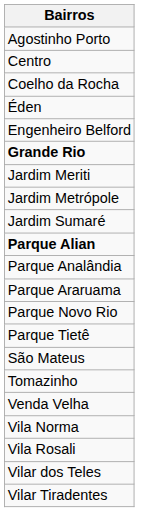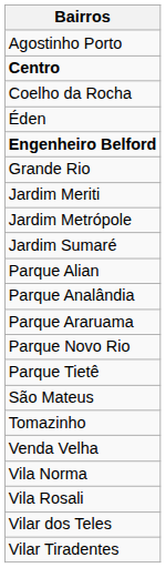 <table class="wikitable">
 <tr>
 <th>Bairros</th>
 </tr>
 <tr>
 <td>Agostinho Porto</td>
 </tr>
 <tr>
-<td>Centro</td>
+<td><strong>Centro</strong></td>
 </tr>
 <tr>
 <td>Coelho da Rocha</td>
 </tr>
 <tr>
 <td>Éden</td>
 </tr>
 <tr>
-<td>Engenheiro Belford</td>
+<td><strong>Engenheiro Belford</strong></td>
 </tr>
 <tr>
-<td><strong>Grande Rio</strong></td>
+<td>Grande Rio</td>
 </tr>
 <tr>
 <td>Jardim Meriti</td>
 </tr>
 <tr>
 <td>Jardim Metrópole</td>
 </tr>
 <tr>
 <td>Jardim Sumaré</td>
 </tr>
 <tr>
-<td><strong>Parque Alian</strong></td>
+<td>Parque Alian</td>
 </tr>
 <tr>
 <td>Parque Analândia</td>
 </tr>
 <tr>
 <td>Parque Araruama</td>
 </tr>
 <tr>
 <td>Parque Novo Rio</td>
 </tr>
 <tr>
 <td>Parque Tietê</td>
 </tr>
 <tr>
 <td>São Mateus</td>
 </tr>
 <tr>
 <td>Tomazinho</td>
 </tr>
 <tr>
 <td>Venda Velha</td>
 </tr>
 <tr>
 <td>Vila Norma</td>
 </tr>
 <tr>
 <td>Vila Rosali</td>
 </tr>
 <tr>
 <td>Vilar dos Teles</td>
 </tr>
 <tr>
 <td>Vilar Tiradentes</td>
 </tr>
 </table>
